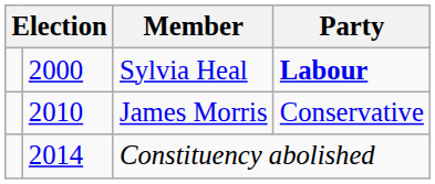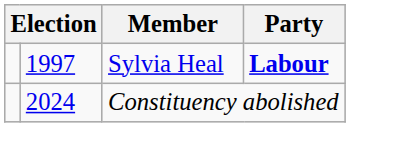 <table class="wikitable">
 <tr>
 <th colspan="2">Election</th>
 <th>Member</th>
 <th>Party</th>
 </tr>
 <tr>
 <td style="color:inherit;background-color: "></td>
-<td><a href='#'>2000</a></td>
+<td><a href='#'>1997</a></td>
 <td><a href='#'>Sylvia Heal</a></td>
 <td><strong><a href='#'>Labour</a></strong></td>
 </tr>
 <tr>
-<td style="color:inherit;background-color: "></td>
-<td><a href='#'>2010</a></td>
-<td><a href='#'>James Morris</a></td>
-<td><a href='#'>Conservative</a></td>
-</tr>
-<tr>
 <td></td>
-<td><a href='#'>2014</a></td>
+<td><a href='#'>2024</a></td>
 <td colspan="2"><em>Constituency abolished</em></td>
 </tr>
 </table>
